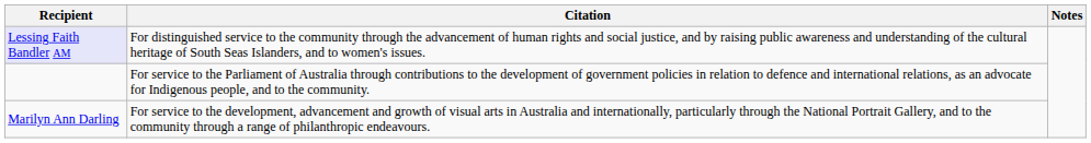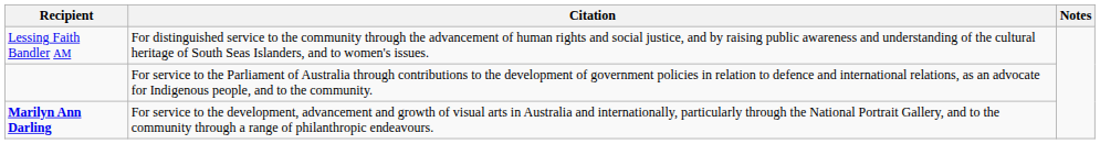 <table class="wikitable" style="font-size:95%;">
 <tr>
 <th>Recipient</th>
 <th>Citation</th>
 <th>Notes</th>
 </tr>
 <tr>
-<td style="background: lavender;"><a href='#'>Lessing Faith Bandler</a> <small><a href='#'>AM</a></small></td>
+<td><a href='#'>Lessing Faith Bandler</a> <small><a href='#'>AM</a></small></td>
 <td>For distinguished service to the community through the advancement of human rights and social justice, and by raising public awareness and understanding of the cultural heritage of South Seas Islanders, and to women's issues.</td>
 <td rowspan=3></td>
 </tr>
 <tr>
 <td></td>
 <td>For service to the Parliament of Australia through contributions to the development of government policies in relation to defence and international relations, as an advocate for Indigenous people, and to the community.</td>
 </tr>
 <tr>
-<td><a href='#'>Marilyn Ann Darling</a></td>
+<td><strong><a href='#'>Marilyn Ann Darling</a></strong></td>
 <td>For service to the development, advancement and growth of visual arts in Australia and internationally, particularly through the National Portrait Gallery, and to the community through a range of philanthropic endeavours.</td>
 </tr>
 </table>
